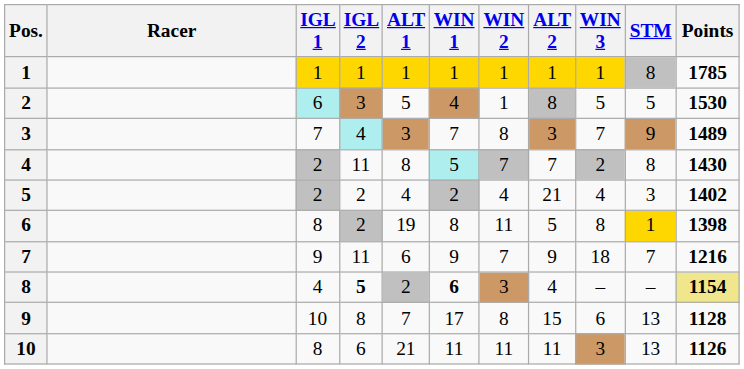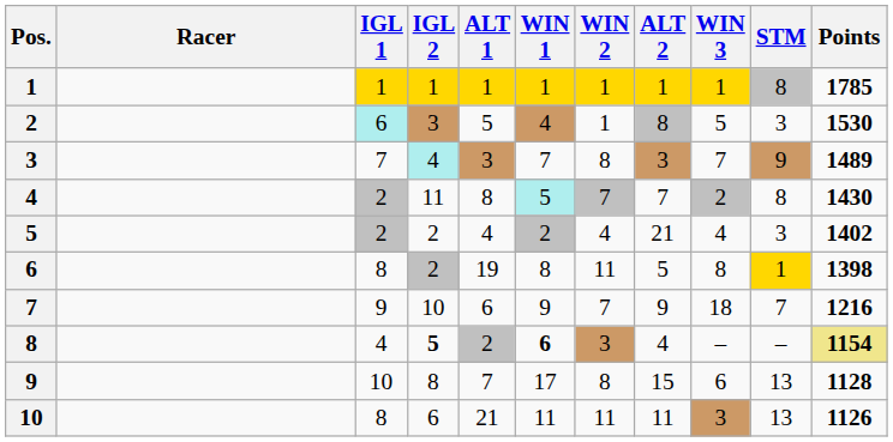 <table class="wikitable sortable plainrowheaders" style="text-align:center;">
 <tr>
 <th scope="col">Pos.</th>
 <th scope="col" style="width:220px;">Racer</th>
 <th scope="col"><strong> <a href='#'>IGL 1</a></strong></th>
 <th><strong> <a href='#'>IGL 2</a></strong></th>
 <th><strong> <a href='#'>ALT 1</a></strong></th>
 <th><strong> <a href='#'>WIN 1</a></strong></th>
 <th><strong> <a href='#'>WIN 2</a></strong></th>
 <th><strong> <a href='#'>ALT 2</a></strong></th>
 <th><strong> <a href='#'>WIN 3</a></strong></th>
 <th><strong> <a href='#'>STM</a></strong></th>
 <th style="width:45px;">Points</th>
 </tr>
 <tr>
 <th style="text-align:center;">1</th>
 <td align="left"></td>
 <td style="background:gold;">1</td>
 <td style="background:gold;">1</td>
 <td style="background:gold;">1</td>
 <td style="background:gold;">1</td>
 <td style="background:gold;">1</td>
 <td style="background:gold;">1</td>
 <td style="background:gold;">1</td>
 <td style="background:silver;">8</td>
 <td><strong>1785</strong></td>
 </tr>
 <tr>
 <th style="text-align:center;">2</th>
 <td align="left"></td>
 <td style="background: paleturquoise;">6</td>
 <td style="background:#c96;">3</td>
 <td>5</td>
 <td style="background:#c96;">4</td>
 <td>1</td>
 <td style="background:silver;">8</td>
 <td>5</td>
-<td>5</td>
+<td>3</td>
 <td><strong>1530</strong></td>
 </tr>
 <tr>
 <th style="text-align:center;">3</th>
 <td align="left"></td>
 <td>7</td>
 <td style="background: paleturquoise;">4</td>
 <td style="background:#c96;">3</td>
 <td>7</td>
 <td>8</td>
 <td style="background:#c96;">3</td>
 <td>7</td>
 <td style="background:#c96;">9</td>
 <td><strong>1489</strong></td>
 </tr>
 <tr>
 <th style="text-align:center;">4</th>
 <td align="left"></td>
 <td style="background:silver;">2</td>
 <td>11</td>
 <td>8</td>
 <td style="background: paleturquoise;">5</td>
 <td style="background:silver;">7</td>
 <td>7</td>
 <td style="background:silver;">2</td>
 <td>8</td>
 <td><strong>1430</strong></td>
 </tr>
 <tr>
 <th style="text-align:center;">5</th>
 <td align="left"></td>
 <td style="background:silver;">2</td>
 <td>2</td>
 <td>4</td>
 <td style="background:silver;">2</td>
 <td>4</td>
 <td>21</td>
 <td>4</td>
 <td>3</td>
 <td><strong>1402</strong></td>
 </tr>
 <tr>
 <th style="text-align:center;">6</th>
 <td align="left"></td>
 <td>8</td>
 <td style="background:silver;">2</td>
 <td>19</td>
 <td>8</td>
 <td>11</td>
 <td>5</td>
 <td>8</td>
 <td style="background:gold;">1</td>
 <td><strong>1398</strong></td>
 </tr>
 <tr>
 <th style="text-align:center;">7</th>
 <td align="left"></td>
 <td>9</td>
-<td>11</td>
+<td>10</td>
 <td>6</td>
 <td>9</td>
 <td>7</td>
 <td>9</td>
 <td>18</td>
 <td>7</td>
 <td><strong>1216</strong></td>
 </tr>
 <tr>
 <th style="text-align:center;">8</th>
 <td align="left"></td>
 <td>4</td>
 <td><strong>5</strong></td>
 <td style="background:silver;">2</td>
 <td><strong>6</strong></td>
 <td style="background:#c96;">3</td>
 <td>4</td>
 <td>–</td>
 <td>–</td>
 <td style="background: khaki;"><strong>1154</strong></td>
 </tr>
 <tr>
 <th style="text-align:center;">9</th>
 <td align="left"></td>
 <td>10</td>
 <td>8</td>
 <td>7</td>
 <td>17</td>
 <td>8</td>
 <td>15</td>
 <td>6</td>
 <td>13</td>
 <td><strong>1128</strong></td>
 </tr>
 <tr>
 <th style="text-align:center;">10</th>
 <td align="left"></td>
 <td>8</td>
 <td>6</td>
 <td>21</td>
 <td>11</td>
 <td>11</td>
 <td>11</td>
 <td style="background:#c96;">3</td>
 <td>13</td>
 <td><strong>1126</strong></td>
 </tr>
 </table>
